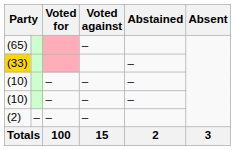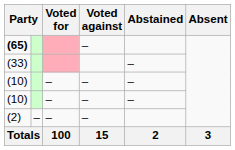 <table class="wikitable" style="width:40%;">
 <tr>
 <th colspan="2">Party</th>
 <th>Voted for</th>
 <th>Voted against</th>
 <th>Abstained</th>
 <th>Absent</th>
 </tr>
 <tr>
-<td> (65)</td>
+<td><strong> (65)</strong></td>
 <td style="background:#cfc;"></td>
 <td style="background:#ffaeb9;"></td>
 <td>–</td>
 <td></td>
 </tr>
 <tr>
-<td style="background: gold;"> (33)</td>
+<td> (33)</td>
 <td style="background:#cfc;"></td>
 <td style="background:#ffaeb9;"></td>
 <td></td>
 <td>–</td>
 </tr>
 <tr>
 <td> (10)</td>
 <td style="background:#cfc;"></td>
 <td>–</td>
 <td>–</td>
 <td>–</td>
 </tr>
 <tr>
 <td> (10)</td>
 <td style="background:#cfc;"></td>
 <td>–</td>
 <td>–</td>
 <td>–</td>
 </tr>
 <tr>
 <td> (2)</td>
 <td>–</td>
 <td>–</td>
 <td>–</td>
 <td></td>
 </tr>
 <tr>
 <th colspan=2>Totals</th>
 <th>100</th>
 <th>15</th>
 <th>2</th>
 <th>3</th>
 </tr>
 </table>
